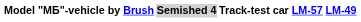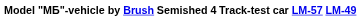 <table class="graytable">
 <tr>
 <td align="center"></td>
 <td align="center"></td>
 <td align="center"></td>
 <td align="center"></td>
 </tr>
 <tr>
 <td align="center"><strong>Model "МБ"-vehicle by <a href='#'>Brush</a></strong></td>
-<td align="center" style="background: lightgrey;"><strong>Semished 4</strong></td>
+<td align="center"><strong>Semished 4</strong></td>
 <td align="center"><strong>Track-test car <a href='#'>LM-57</a></strong></td>
 <td align="center"><strong><a href='#'>LM-49</a></strong></td>
 </tr>
 <tr>
 </tr>
 </table>
